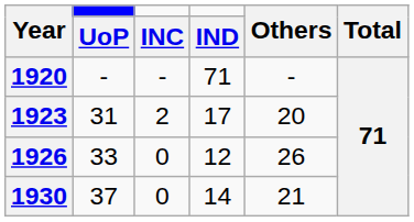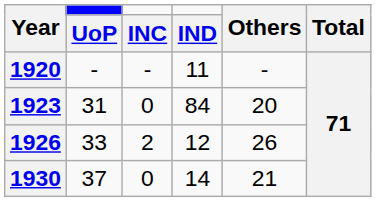 <table class="wikitable" style="text-align:center">
 <tr>
 <th rowspan=2>Year</th>
 <td bgcolor=blue></td>
 <td></td>
 <td></td>
 <th rowspan=2>Others</th>
 <th rowspan=2>Total</th>
 </tr>
 <tr>
 <th><a href='#'>UoP</a></th>
 <th><a href='#'>INC</a></th>
 <th><a href='#'>IND</a></th>
 </tr>
 <tr>
 <th><a href='#'>1920</a></th>
 <td>-</td>
 <td>-</td>
-<td>71</td>
+<td>11</td>
 <td>-</td>
 <th rowspan=4>71</th>
 </tr>
 <tr>
 <th><a href='#'>1923</a></th>
 <td>31</td>
-<td>2</td>
-<td>17</td>
+<td>0</td>
+<td>84</td>
 <td>20</td>
 </tr>
 <tr>
 <th><a href='#'>1926</a></th>
 <td>33</td>
-<td>0</td>
+<td>2</td>
 <td>12</td>
 <td>26</td>
 </tr>
 <tr>
 <th><a href='#'>1930</a></th>
 <td>37</td>
 <td>0</td>
 <td>14</td>
 <td>21</td>
 </tr>
 </table>
